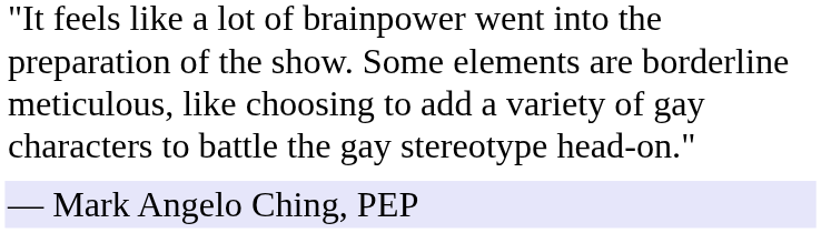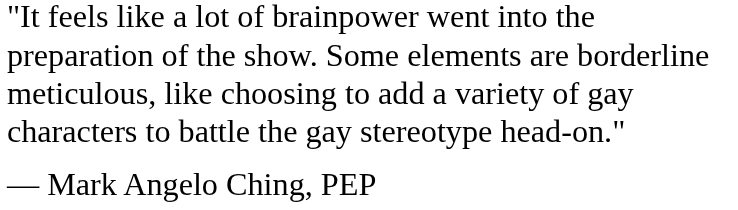 <table class="toccolours" style="float:left; margin-left:1em; margin-right:2em; font-size:95%; width:28em; max-width:40%;" cellspacing="5">
 <tr>
 <td style="text-align: left;">"It feels like a lot of brainpower went into the preparation of the show. Some elements are borderline meticulous, like choosing to add a variety of gay characters to battle the gay stereotype head-on."</td>
 </tr>
 <tr>
-<td style="background: lavender; text-align: left;">— Mark Angelo Ching, PEP</td>
+<td style="text-align: left;">— Mark Angelo Ching, PEP</td>
 </tr>
 </table>
